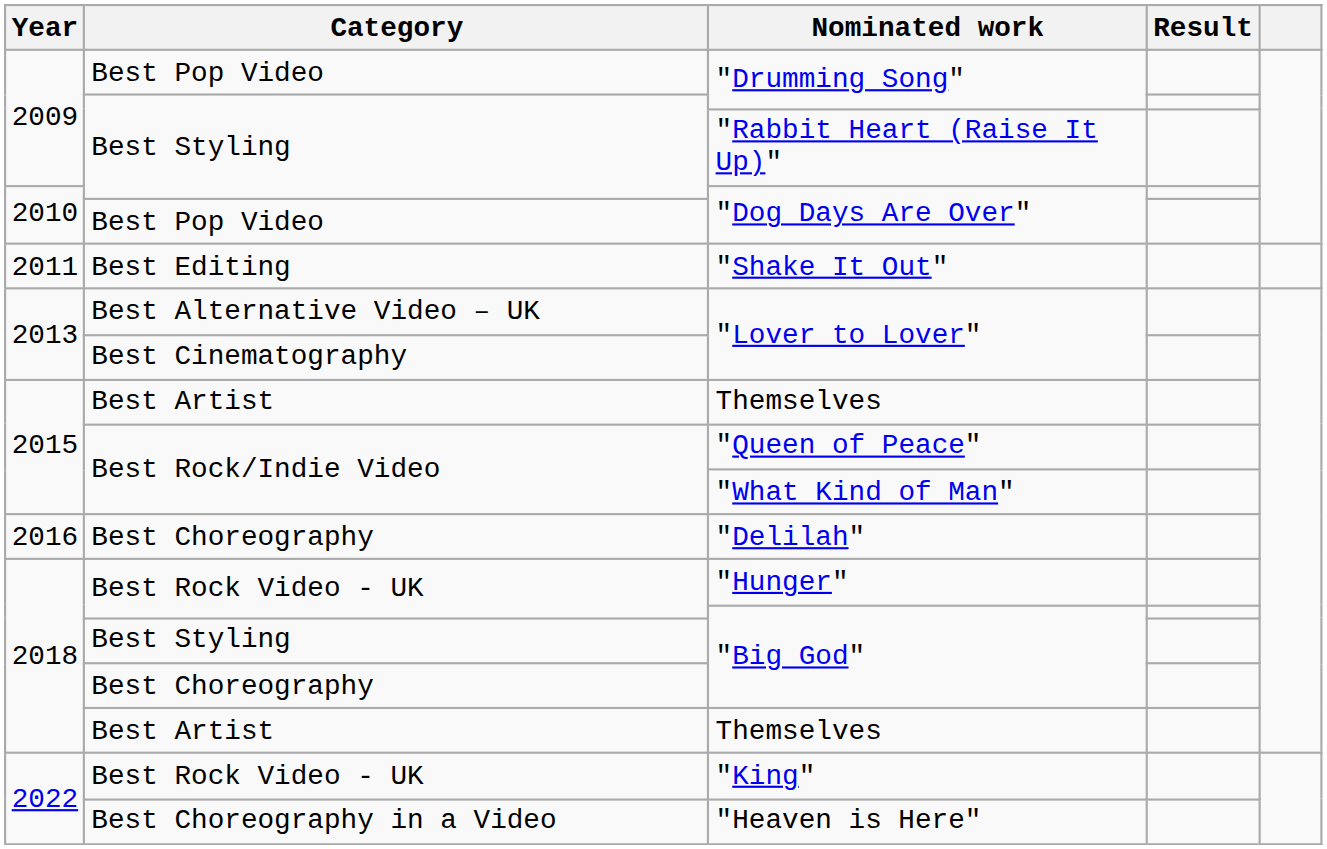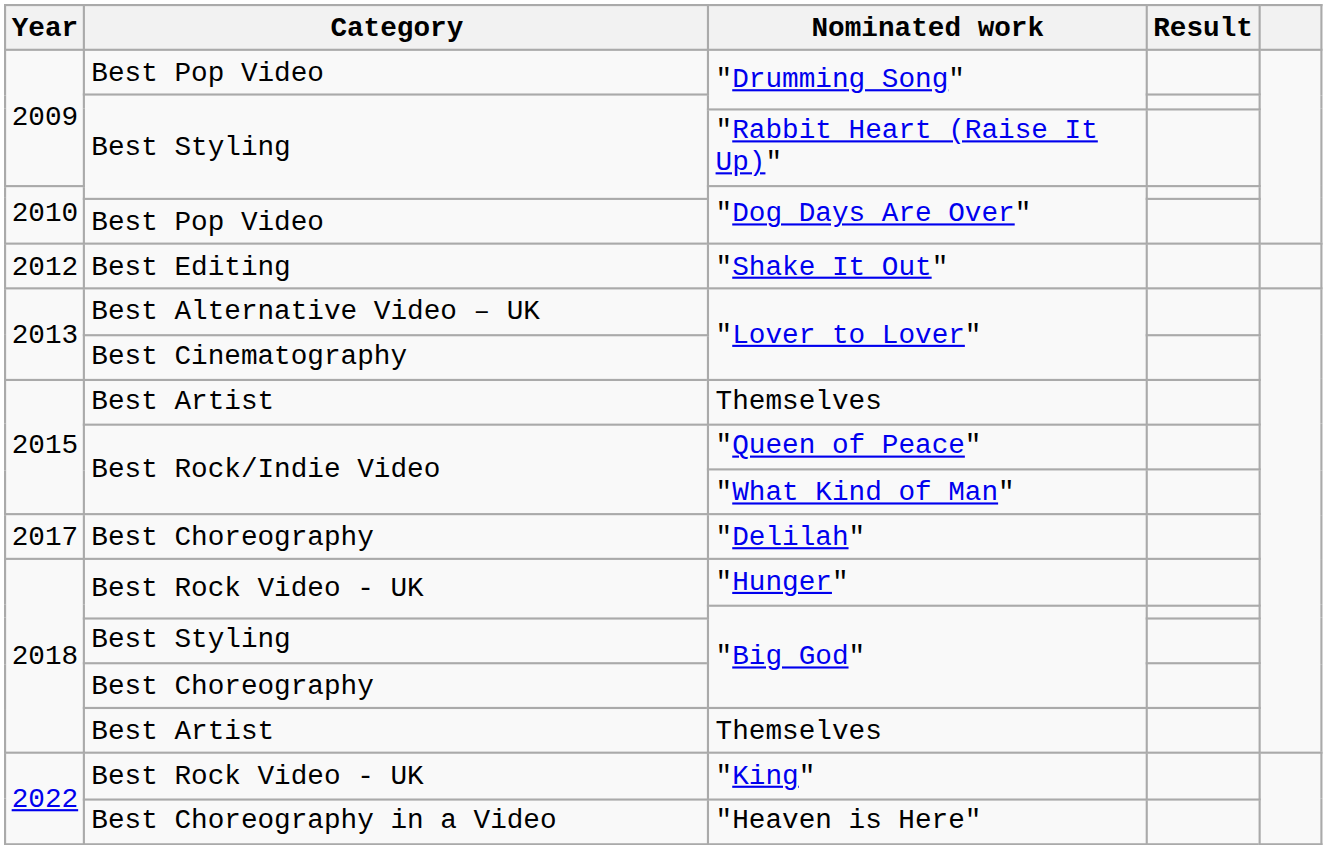 <table class="wikitable plainrowheaders" style="width:70%;">
 <tr>
 <th scope="col" style="width:4%;">Year</th>
 <th scope="col" style="width:50%;">Category</th>
 <th scope="col" style="width:35%;">Nominated work</th>
 <th scope="col" style="width:6%;">Result</th>
 <th scope="col" style="width:6%;"></th>
 </tr>
 <tr>
 <td rowspan="3">2009</td>
 <td>Best Pop Video</td>
 <td rowspan="2">"<a href='#'>Drumming Song</a>"</td>
 <td></td>
 </tr>
 <tr>
 <td rowspan="3">Best Styling</td>
 <td></td>
 </tr>
 <tr>
 <td>"<a href='#'>Rabbit Heart (Raise It Up)</a>"</td>
 <td></td>
 </tr>
 <tr>
 <td rowspan="2">2010</td>
 <td rowspan="2">"<a href='#'>Dog Days Are Over</a>"</td>
 <td></td>
 </tr>
 <tr>
 <td>Best Pop Video</td>
 <td></td>
 </tr>
 <tr>
-<td>2011</td>
+<td>2012</td>
 <td>Best Editing</td>
 <td>"<a href='#'>Shake It Out</a>"</td>
 <td></td>
 <td style="text-align:center;"></td>
 </tr>
 <tr>
 <td rowspan="2">2013</td>
 <td>Best Alternative Video – UK</td>
 <td rowspan="2">"<a href='#'>Lover to Lover</a>"</td>
 <td></td>
 </tr>
 <tr>
 <td>Best Cinematography</td>
 <td></td>
 </tr>
 <tr>
 <td rowspan="3">2015</td>
 <td>Best Artist</td>
 <td>Themselves</td>
 <td></td>
 </tr>
 <tr>
 <td rowspan="2">Best Rock/Indie Video</td>
 <td>"<a href='#'>Queen of Peace</a>"</td>
 <td></td>
 </tr>
 <tr>
 <td>"<a href='#'>What Kind of Man</a>"</td>
 <td></td>
 </tr>
 <tr>
-<td>2016</td>
+<td>2017</td>
 <td>Best Choreography</td>
 <td>"<a href='#'>Delilah</a>"</td>
 <td></td>
 </tr>
 <tr>
 <td rowspan="5">2018</td>
 <td rowspan="2">Best Rock Video - UK</td>
 <td>"<a href='#'>Hunger</a>"</td>
 <td></td>
 </tr>
 <tr>
 <td rowspan="3">"<a href='#'>Big God</a>"</td>
 <td></td>
 </tr>
 <tr>
 <td>Best Styling</td>
 <td></td>
 </tr>
 <tr>
 <td>Best Choreography</td>
 <td></td>
 </tr>
 <tr>
 <td>Best Artist</td>
 <td>Themselves</td>
 <td></td>
 </tr>
 <tr>
 <td rowspan=2><a href='#'>2022</a></td>
 <td>Best Rock Video - UK</td>
 <td>"<a href='#'>King</a>"</td>
 <td></td>
 <td rowspan=2></td>
 </tr>
 <tr>
 <td>Best Choreography in a Video</td>
 <td>"Heaven is Here"</td>
 <td></td>
 </tr>
 </table>
